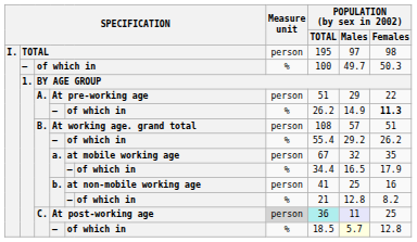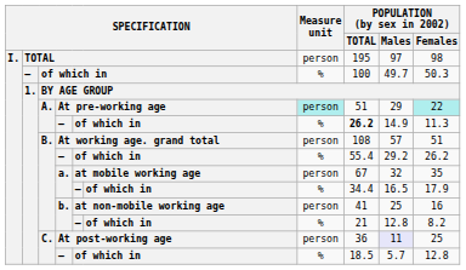 <table class="wikitable" style="font-size:85%; text-align:center">
 <tr>
 <th rowspan="2" colspan="6">SPECIFICATION</th>
 <th rowspan="2">Measure<br> unit</th>
 <th colspan="3" rowspan="1">POPULATION<br> (by sex in 2002)</th>
 </tr>
 <tr>
 <th>TOTAL</th>
 <th>Males</th>
 <th>Females</th>
 </tr>
 <tr>
 <th style="text-align:left" valign="top" rowspan="13">I.</th>
 <th style="text-align:left" colspan="5">TOTAL</th>
 <td>person</td>
 <td>195</td>
 <td>97</td>
 <td>98</td>
 </tr>
 <tr>
 <th style="text-align:left" valign="top">—</th>
 <th style="text-align:left" colspan="4">of which in</th>
 <td>%</td>
 <td>100</td>
 <td>49.7</td>
 <td>50.3</td>
 </tr>
 <tr>
 <th style="text-align:left" valign="top" rowspan="11">1.</th>
 <th style="text-align:left" colspan="19">BY AGE GROUP</th>
 </tr>
 <tr>
 <th style="text-align:left" valign="top" rowspan="2">A.</th>
 <th style="text-align:left" colspan="3">At pre-working age</th>
-<td>person</td>
+<td style="background: paleturquoise;">person</td>
 <td>51</td>
 <td>29</td>
-<td>22</td>
+<td style="background: paleturquoise;">22</td>
 </tr>
 <tr>
 <th style="text-align:left" valign="top">—</th>
 <th style="text-align:left" valign="top" colspan="2">of which in</th>
 <td>%</td>
-<td>26.2</td>
+<td><strong>26.2</strong></td>
 <td>14.9</td>
-<td><strong>11.3</strong></td>
+<td>11.3</td>
 </tr>
 <tr>
 <th style="text-align:left" valign="top" rowspan="6">B.</th>
 <th style="text-align:left" colspan="3">At working age. grand total</th>
 <td>person</td>
 <td>108</td>
 <td>57</td>
 <td>51</td>
 </tr>
 <tr>
 <th style="text-align:left" valign="top">—</th>
 <th style="text-align:left" valign="top" colspan="2">of which in</th>
 <td>%</td>
 <td>55.4</td>
 <td>29.2</td>
 <td>26.2</td>
 </tr>
 <tr>
 <th style="text-align:left" valign="top" rowspan="2">a.</th>
 <th style="text-align:left" colspan="2">at mobile working age</th>
 <td>person</td>
 <td>67</td>
 <td>32</td>
 <td>35</td>
 </tr>
 <tr>
 <th style="text-align:left" valign="top">—</th>
 <th style="text-align:left" valign="top" colspan="1">of which in                        </th>
 <td>%</td>
 <td>34.4</td>
 <td>16.5</td>
 <td>17.9</td>
 </tr>
 <tr>
 <th style="text-align:left" valign="top" rowspan="2">b.</th>
 <th style="text-align:left" colspan="2">at non-mobile working age</th>
 <td>person</td>
 <td>41</td>
 <td>25</td>
 <td>16</td>
 </tr>
 <tr>
 <th style="text-align:left" valign="top">—</th>
 <th style="text-align:left" valign="top" colspan="1">of which in                        </th>
 <td>%</td>
 <td>21</td>
 <td>12.8</td>
 <td>8.2</td>
 </tr>
 <tr>
 <th style="text-align:left" valign="top" rowspan="2">C.</th>
 <th style="text-align:left" colspan="3">At post-working age</th>
-<td style="background: lightgrey;">person</td>
-<td style="background: paleturquoise;">36</td>
+<td>person</td>
+<td>36</td>
 <td style="background: lavender;">11</td>
 <td>25</td>
 </tr>
 <tr>
 <th style="text-align:left" valign="top">—</th>
 <th style="text-align:left" valign="top" colspan="2">of which in</th>
 <td>%</td>
 <td>18.5</td>
-<td style="background: lightyellow;">5.7</td>
+<td>5.7</td>
 <td>12.8</td>
 </tr>
 </table>
